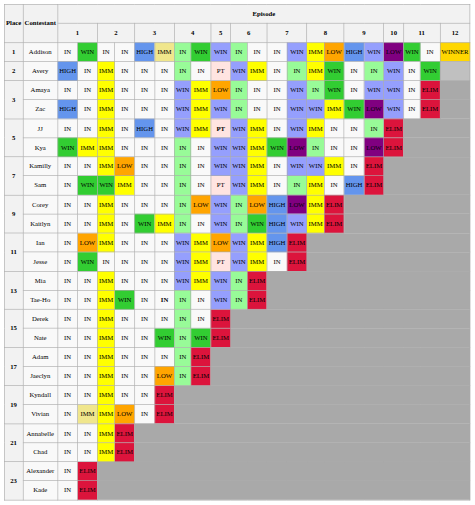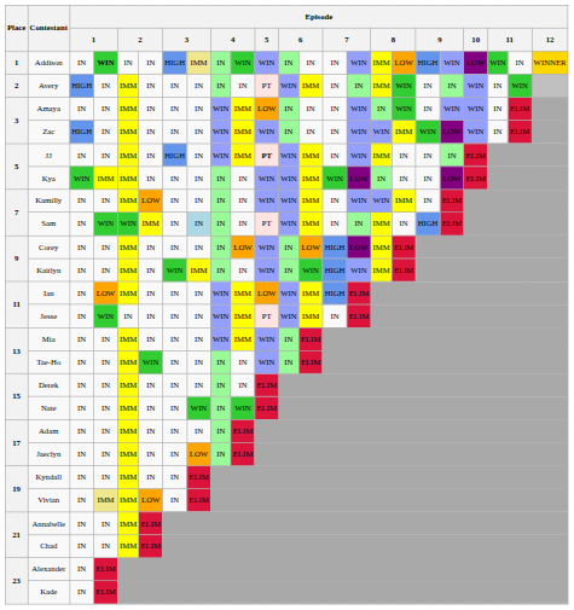 <table class="wikitable" style="text-align: center; font-size: 8pt; line-height:25px;">
 <tr>
 <th rowspan="2">Place</th>
 <th rowspan="2">Contestant</th>
 <th colspan="30">Episode</th>
 </tr>
 <tr>
 <th colspan="2">1</th>
 <th colspan="2">2</th>
 <th colspan="2">3</th>
 <th colspan="2">4</th>
 <th>5</th>
 <th colspan="2">6</th>
 <th colspan="2">7</th>
 <th colspan="2">8</th>
 <th colspan="2">9</th>
 <th>10</th>
 <th colspan="2">11</th>
 <th>12</th>
 </tr>
 <tr>
 <th>1</th>
 <td>Addison</td>
 <td>IN</td>
-<td style="background:limegreen;">WIN</td>
+<td style="background:limegreen;"><strong>WIN</strong></td>
 <td>IN</td>
 <td>IN</td>
 <td style="background:cornflowerblue;">HIGH</td>
 <td style="background:khaki;">IMM</td>
 <td style="background:palegreen;">IN</td>
 <td style="background:limegreen;">WIN</td>
 <td style="background:#959FFD;">WIN</td>
 <td style="background:palegreen;">IN</td>
 <td>IN</td>
 <td>IN</td>
 <td style="background:#959FFD;">WIN</td>
 <td style="background:yellow;">IMM</td>
 <td style="background:orange;">LOW</td>
 <td style="background:cornflowerblue;">HIGH</td>
 <td style="background:#959FFD;">WIN</td>
 <td style="background:purple">LOW</td>
 <td style="background:limegreen;">WIN</td>
 <td>IN</td>
 <td style="background:gold;">WINNER</td>
 </tr>
 <tr>
 <th>2</th>
 <td>Avery</td>
 <td style="background:cornflowerblue;">HIGH</td>
 <td>IN</td>
 <td style="background:yellow;">IMM</td>
 <td>IN</td>
 <td>IN</td>
 <td>IN</td>
 <td style="background:palegreen;">IN</td>
 <td>IN</td>
 <td style="background:mistyrose;">PT</td>
 <td style="background:#959FFD;">WIN</td>
 <td style="background:yellow;">IMM</td>
 <td>IN</td>
 <td style="background:palegreen">IN</td>
 <td style="background:yellow;">IMM</td>
 <td style="background:limegreen;">WIN</td>
 <td>IN</td>
 <td style="background:palegreen;">IN</td>
 <td style="background:#959FFD;">WIN</td>
 <td>IN</td>
 <td style="background:limegreen;">WIN</td>
 <td style="background:silver;"></td>
 </tr>
 <tr>
 <th rowspan=2>3</th>
 <td>Amaya</td>
 <td>IN</td>
 <td>IN</td>
 <td style="background:yellow;">IMM</td>
 <td>IN</td>
 <td>IN</td>
 <td>IN</td>
 <td style="background:#959FFD;">WIN</td>
 <td style="background:yellow;">IMM</td>
 <td style="background:orange;">LOW</td>
 <td style="background:palegreen;">IN</td>
 <td>IN</td>
 <td>IN</td>
 <td style="background:#959FFD;">WIN</td>
 <td style="background:palegreen;">IN</td>
 <td style="background:limegreen;">WIN</td>
 <td>IN</td>
 <td style="background:#959FFD;">WIN</td>
 <td style="background:#959FFD;">WIN</td>
 <td>IN</td>
 <td style="background:crimson;">ELIM</td>
 <td style="background:darkgrey;" colspan="6"></td>
 </tr>
 <tr>
 <td>Zac</td>
 <td style="background:cornflowerblue; ">HIGH</td>
 <td>IN</td>
 <td style="background:yellow;">IMM</td>
 <td>IN</td>
 <td>IN</td>
 <td>IN</td>
 <td style="background:#959FFD;">WIN</td>
 <td style="background:yellow;">IMM</td>
 <td style="background:#959FFD;">WIN</td>
 <td style="background:palegreen;">IN</td>
 <td>IN</td>
 <td>IN</td>
 <td style="background:#959FFD;">WIN</td>
 <td style="background:#959FFD;">WIN</td>
 <td style="background:yellow;">IMM</td>
 <td style="background:limegreen;">WIN</td>
 <td style="background:purple;">LOW</td>
 <td style="background:#959FFD">WIN</td>
 <td>IN</td>
 <td style="background:crimson;">ELIM</td>
 <td style="background:darkgrey;" colspan="6"></td>
 </tr>
 <tr>
 <th rowspan=2>5</th>
 <td>JJ</td>
 <td>IN</td>
 <td>IN</td>
 <td style="background:yellow;">IMM</td>
 <td>IN</td>
 <td style="background:cornflowerblue;">HIGH</td>
 <td>IN</td>
 <td style="background:#959FFD;">WIN</td>
 <td style="background:yellow;">IMM</td>
 <td style="background:mistyrose;"><strong>PT</strong></td>
 <td style="background:#959FFD;">WIN</td>
 <td style="background:yellow;">IMM</td>
 <td>IN</td>
 <td style="background:#959FFD;">WIN</td>
 <td style="background:yellow;">IMM</td>
 <td>IN</td>
 <td>IN</td>
 <td style="background:palegreen;">IN</td>
 <td style="background:crimson;">ELIM</td>
 <td colspan="6" style="background:darkgrey;"></td>
 </tr>
 <tr>
 <td>Kya</td>
 <td style="background:limegreen;">WIN</td>
 <td style="background:yellow;">IMM</td>
 <td style="background:yellow;">IMM</td>
 <td>IN</td>
 <td>IN</td>
 <td>IN</td>
 <td style="background:palegreen;">IN</td>
 <td>IN</td>
 <td style="background:#959FFD;">WIN</td>
 <td style="background:#959FFD;">WIN</td>
 <td style="background:yellow;">IMM</td>
 <td style="background:limegreen;">WIN</td>
 <td style="background:purple;">LOW</td>
 <td style="background:palegreen;">IN</td>
 <td>IN</td>
 <td>IN</td>
 <td style="background:purple;">LOW</td>
 <td style="background:crimson;">ELIM</td>
 <td style="background:darkgrey;" colspan="6"></td>
 </tr>
 <tr>
 <th rowspan=2>7</th>
 <td>Kamilly</td>
 <td>IN</td>
 <td>IN</td>
 <td style="background:yellow;">IMM</td>
 <td style="background:orange;">LOW</td>
 <td>IN</td>
 <td>IN</td>
 <td style="background:palegreen;">IN</td>
 <td>IN</td>
 <td style="background:#959FFD;">WIN</td>
 <td style="background:#959FFD;">WIN</td>
 <td style="background:yellow;">IMM</td>
 <td>IN</td>
 <td style="background:#959FFD;">WIN</td>
 <td style="background:#959FFD;">WIN</td>
 <td style="background:yellow;">IMM</td>
 <td>IN</td>
 <td style="background:crimson;">ELIM</td>
 <td style="background:darkgrey;" colspan="6"></td>
 </tr>
 <tr>
 <td>Sam</td>
 <td>IN</td>
 <td style="background:limegreen;">WIN</td>
 <td style="background:limegreen;">WIN</td>
 <td style="background:yellow;">IMM</td>
 <td>IN</td>
-<td>IN</td>
+<td style="background: lightblue;">IN</td>
 <td style="background:palegreen;">IN</td>
 <td>IN</td>
 <td style="background:mistyrose;">PT</td>
 <td style="background:#959FFD;">WIN</td>
 <td style="background:yellow;">IMM</td>
 <td>IN</td>
 <td style="background:palegreen">IN</td>
 <td style="background:yellow;">IMM</td>
 <td>IN</td>
 <td style="background:cornflowerblue;">HIGH</td>
 <td style="background:crimson;">ELIM</td>
 <td style="background:darkgrey;" colspan="6"></td>
 </tr>
 <tr>
 <th rowspan=2>9</th>
 <td>Corey</td>
 <td>IN</td>
 <td>IN</td>
 <td style="background:yellow;">IMM</td>
 <td>IN</td>
 <td>IN</td>
 <td>IN</td>
 <td style="background:palegreen;">IN</td>
 <td style="background:orange;">LOW</td>
 <td style="background:#959FFD;">WIN</td>
 <td style="background:palegreen;">IN</td>
 <td style="background:orange;">LOW</td>
 <td style="background:cornflowerblue;">HIGH</td>
 <td style="background:PURPLE;">LOW</td>
 <td style="background:yellow;">IMM</td>
 <td style="background:crimson;">ELIM</td>
 <td style="background:darkgrey;" colspan="8"></td>
 </tr>
 <tr>
 <td>Kaitlyn</td>
 <td>IN</td>
 <td>IN</td>
 <td style="background:yellow;">IMM</td>
 <td>IN</td>
 <td style="background:limegreen;">WIN</td>
 <td style="background:yellow;">IMM</td>
 <td style="background:palegreen;">IN</td>
 <td>IN</td>
 <td style="background:#959FFD;">WIN</td>
 <td style="background:palegreen;">IN</td>
 <td style="background:limegreen;">WIN</td>
 <td style="background:cornflowerblue;">HIGH</td>
 <td style="background:#959FFD;">WIN</td>
 <td style="background:yellow;">IMM</td>
 <td style="background:crimson;">ELIM</td>
 <td style="background:darkgrey;" colspan="8"></td>
 </tr>
 <tr>
 <th rowspan=2>11</th>
 <td>Ian</td>
 <td>IN</td>
 <td style="background:orange;">LOW</td>
 <td style="background:yellow;">IMM</td>
 <td>IN</td>
 <td>IN</td>
 <td>IN</td>
 <td style="background:#959FFD;">WIN</td>
 <td style="background:yellow;">IMM</td>
 <td style="background:orange;">LOW</td>
 <td style="background:#959FFD;">WIN</td>
 <td style="background:yellow;">IMM</td>
 <td style="background:cornflowerblue;">HIGH</td>
 <td style="background:crimson;">ELIM</td>
 <td style="background:darkgrey;" colspan="10"></td>
 </tr>
 <tr>
 <td>Jesse</td>
 <td>IN</td>
 <td style="background:limegreen;">WIN</td>
 <td>IN</td>
 <td>IN</td>
 <td>IN</td>
 <td>IN</td>
 <td style="background:#959FFD;">WIN</td>
 <td style="background:yellow;">IMM</td>
 <td style="background:mistyrose;">PT</td>
 <td style="background:#959FFD;">WIN</td>
 <td style="background:yellow;">IMM</td>
 <td>IN</td>
 <td style="background:crimson;">ELIM</td>
 <td style="background:darkgrey;" colspan="10"></td>
 </tr>
 <tr>
 <th rowspan=2>13</th>
 <td>Mia</td>
 <td>IN</td>
 <td>IN</td>
 <td style="background:yellow;">IMM</td>
 <td>IN</td>
 <td>IN</td>
 <td>IN</td>
 <td style="background:#959FFD;">WIN</td>
 <td style="background:yellow;">IMM</td>
 <td style="background:#959FFD;">WIN</td>
 <td style="background:palegreen;">IN</td>
 <td style="background:crimson;">ELIM</td>
 <td style="background:darkgrey;" colspan="12"></td>
 </tr>
 <tr>
 <td>Tae-Ho</td>
 <td>IN</td>
 <td>IN</td>
 <td style="background:yellow;">IMM</td>
 <td style="background:limegreen;">WIN</td>
 <td>IN</td>
-<td><strong>IN</strong></td>
+<td>IN</td>
 <td style="background:palegreen;">IN</td>
 <td>IN</td>
 <td style="background:#959FFD;">WIN</td>
 <td style="background:palegreen;">IN</td>
 <td style="background:crimson;">ELIM</td>
 <td style="background:darkgrey;" colspan="12"></td>
 </tr>
 <tr>
 <th rowspan=2>15</th>
 <td>Derek</td>
 <td>IN</td>
 <td>IN</td>
 <td style="background:yellow;">IMM</td>
 <td>IN</td>
 <td>IN</td>
 <td>IN</td>
 <td style="background:palegreen;">IN</td>
 <td>IN</td>
 <td style="background:crimson;">ELIM</td>
 <td style="background:darkgrey;" colspan="14"></td>
 </tr>
 <tr>
 <td>Nate</td>
 <td>IN</td>
 <td>IN</td>
 <td style="background:yellow;">IMM</td>
 <td>IN</td>
 <td>IN</td>
 <td style="background:limegreen;">WIN</td>
 <td style="background:palegreen;">IN</td>
 <td style="background:limegreen;">WIN</td>
 <td style="background:crimson;">ELIM</td>
 <td style="background:darkgrey;" colspan="14"></td>
 </tr>
 <tr>
 <th rowspan=2>17</th>
 <td>Adam</td>
 <td>IN</td>
 <td>IN</td>
 <td style="background:yellow;">IMM</td>
 <td>IN</td>
 <td>IN</td>
 <td>IN</td>
 <td style="background:palegreen;">IN</td>
 <td style="background:crimson;">ELIM</td>
 <td style="background:darkgrey;" colspan="16"></td>
 </tr>
 <tr>
 <td>Jaeclyn</td>
 <td>IN</td>
 <td>IN</td>
 <td style="background:yellow;">IMM</td>
 <td>IN</td>
 <td>IN</td>
 <td style="background:orange;">LOW</td>
 <td style="background:palegreen;">IN</td>
 <td style="background:crimson;">ELIM</td>
 <td style="background:darkgrey;" colspan="16"></td>
 </tr>
 <tr>
 <th rowspan=2>19</th>
 <td>Kyndall</td>
 <td>IN</td>
 <td>IN</td>
 <td style="background:yellow;">IMM</td>
 <td>IN</td>
 <td>IN</td>
 <td style="background:crimson;">ELIM</td>
 <td style="background:darkgrey;" colspan="18"></td>
 </tr>
 <tr>
 <td>Vivian</td>
 <td>IN</td>
 <td style="background:khaki;">IMM</td>
 <td style="background:yellow;">IMM</td>
 <td style="background:orange;">LOW</td>
 <td>IN</td>
 <td style="background:crimson;">ELIM</td>
 <td style="background:darkgrey;" colspan="18"></td>
 </tr>
 <tr>
 <th rowspan=2>21</th>
 <td>Annabelle</td>
 <td>IN</td>
 <td>IN</td>
 <td style="background:yellow;">IMM</td>
 <td style="background:crimson;">ELIM</td>
 <td style="background:darkgrey;" colspan="20"></td>
 </tr>
 <tr>
 <td>Chad</td>
 <td>IN</td>
 <td>IN</td>
 <td style="background:yellow;">IMM</td>
 <td style="background:crimson;">ELIM</td>
 <td style="background:darkgrey;" colspan="20"></td>
 </tr>
 <tr>
 <th rowspan=2>23</th>
 <td>Alexander</td>
 <td>IN</td>
 <td style="background:crimson;">ELIM</td>
 <td style="background:darkgrey;" colspan="22"></td>
 </tr>
 <tr>
 <td>Kade</td>
 <td>IN</td>
 <td style="background:crimson;">ELIM</td>
 <td style="background:darkgrey;" colspan="22"></td>
 </tr>
 </table>
